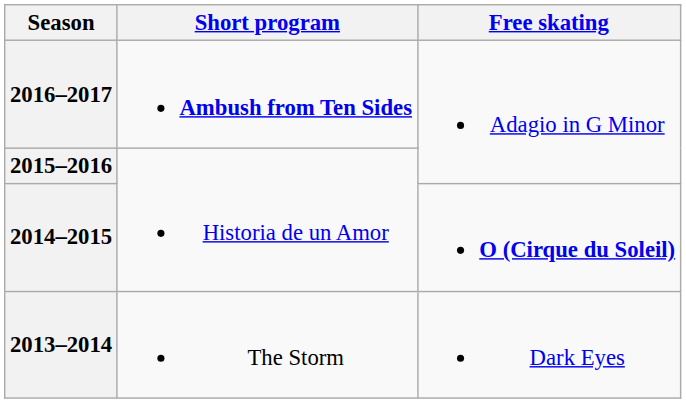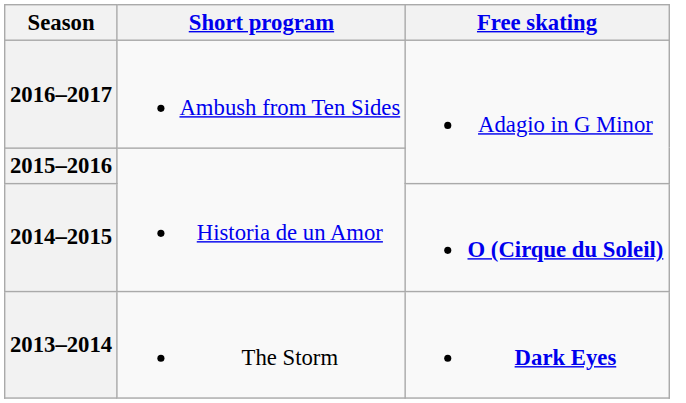 <table class=wikitable style=text-align:center>
 <tr>
 <th>Season</th>
 <th><a href='#'>Short program</a></th>
 <th><a href='#'>Free skating</a></th>
 </tr>
 <tr>
 <th>2016–2017 <br></th>
-<td><strong><br><ul><li><a href='#'>Ambush from Ten Sides</a></li></ul></strong></td>
+<td><br><ul><li><a href='#'>Ambush from Ten Sides</a></li></ul></td>
 <td rowspan=2><br><ul><li><a href='#'>Adagio in G Minor</a> <br></li></ul></td>
 </tr>
 <tr>
 <th>2015–2016 <br> </th>
 <td rowspan=2><br><ul><li><a href='#'>Historia de un Amor</a> <br></li></ul></td>
 </tr>
 <tr>
 <th>2014–2015 <br> </th>
 <td><strong><br><ul><li><a href='#'>O (Cirque du Soleil)</a> <br></li></ul></strong></td>
 </tr>
 <tr>
 <th>2013–2014 <br> </th>
 <td><br><ul><li>The Storm <br></li></ul></td>
-<td><br><ul><li><a href='#'>Dark Eyes</a> <br></li></ul></td>
+<td><strong><br><ul><li><a href='#'>Dark Eyes</a> <br></li></ul></strong></td>
 </tr>
 </table>
